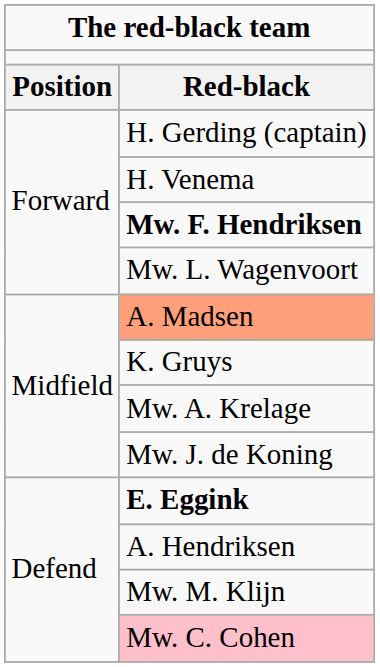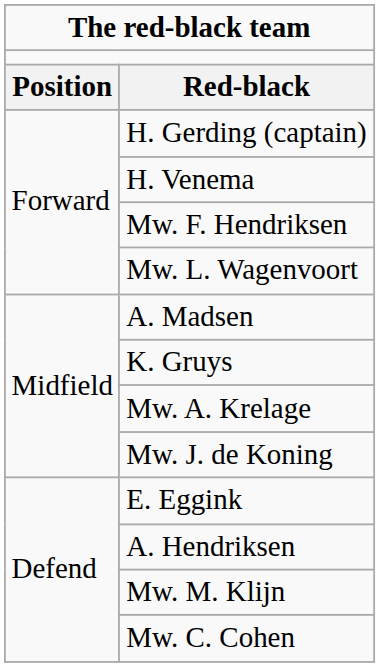 <table class="wikitable">
 <tr>
 <td colspan = 2 align="center"><strong>The red-black team</strong></td>
 </tr>
 <tr>
 <td colspan = 2></td>
 </tr>
 <tr>
 <th>Position</th>
 <th>Red-black</th>
 </tr>
 <tr>
 <td rowspan = 4>Forward</td>
 <td>H. Gerding (captain)</td>
 </tr>
 <tr>
 <td>H. Venema</td>
 </tr>
 <tr>
-<td><strong>Mw. F. Hendriksen</strong></td>
+<td>Mw. F. Hendriksen</td>
 </tr>
 <tr>
 <td>Mw. L. Wagenvoort</td>
 </tr>
 <tr>
 <td rowspan = 4>Midfield</td>
-<td style="background: lightsalmon;">A. Madsen</td>
+<td>A. Madsen</td>
 </tr>
 <tr>
 <td>K. Gruys</td>
 </tr>
 <tr>
 <td>Mw. A. Krelage</td>
 </tr>
 <tr>
 <td>Mw. J. de Koning</td>
 </tr>
 <tr>
 <td rowspan = 4>Defend</td>
-<td><strong>E. Eggink</strong></td>
+<td>E. Eggink</td>
 </tr>
 <tr>
 <td>A. Hendriksen</td>
 </tr>
 <tr>
 <td>Mw. M. Klijn</td>
 </tr>
 <tr>
-<td style="background: pink;">Mw. C. Cohen</td>
+<td>Mw. C. Cohen</td>
 </tr>
 </table>
